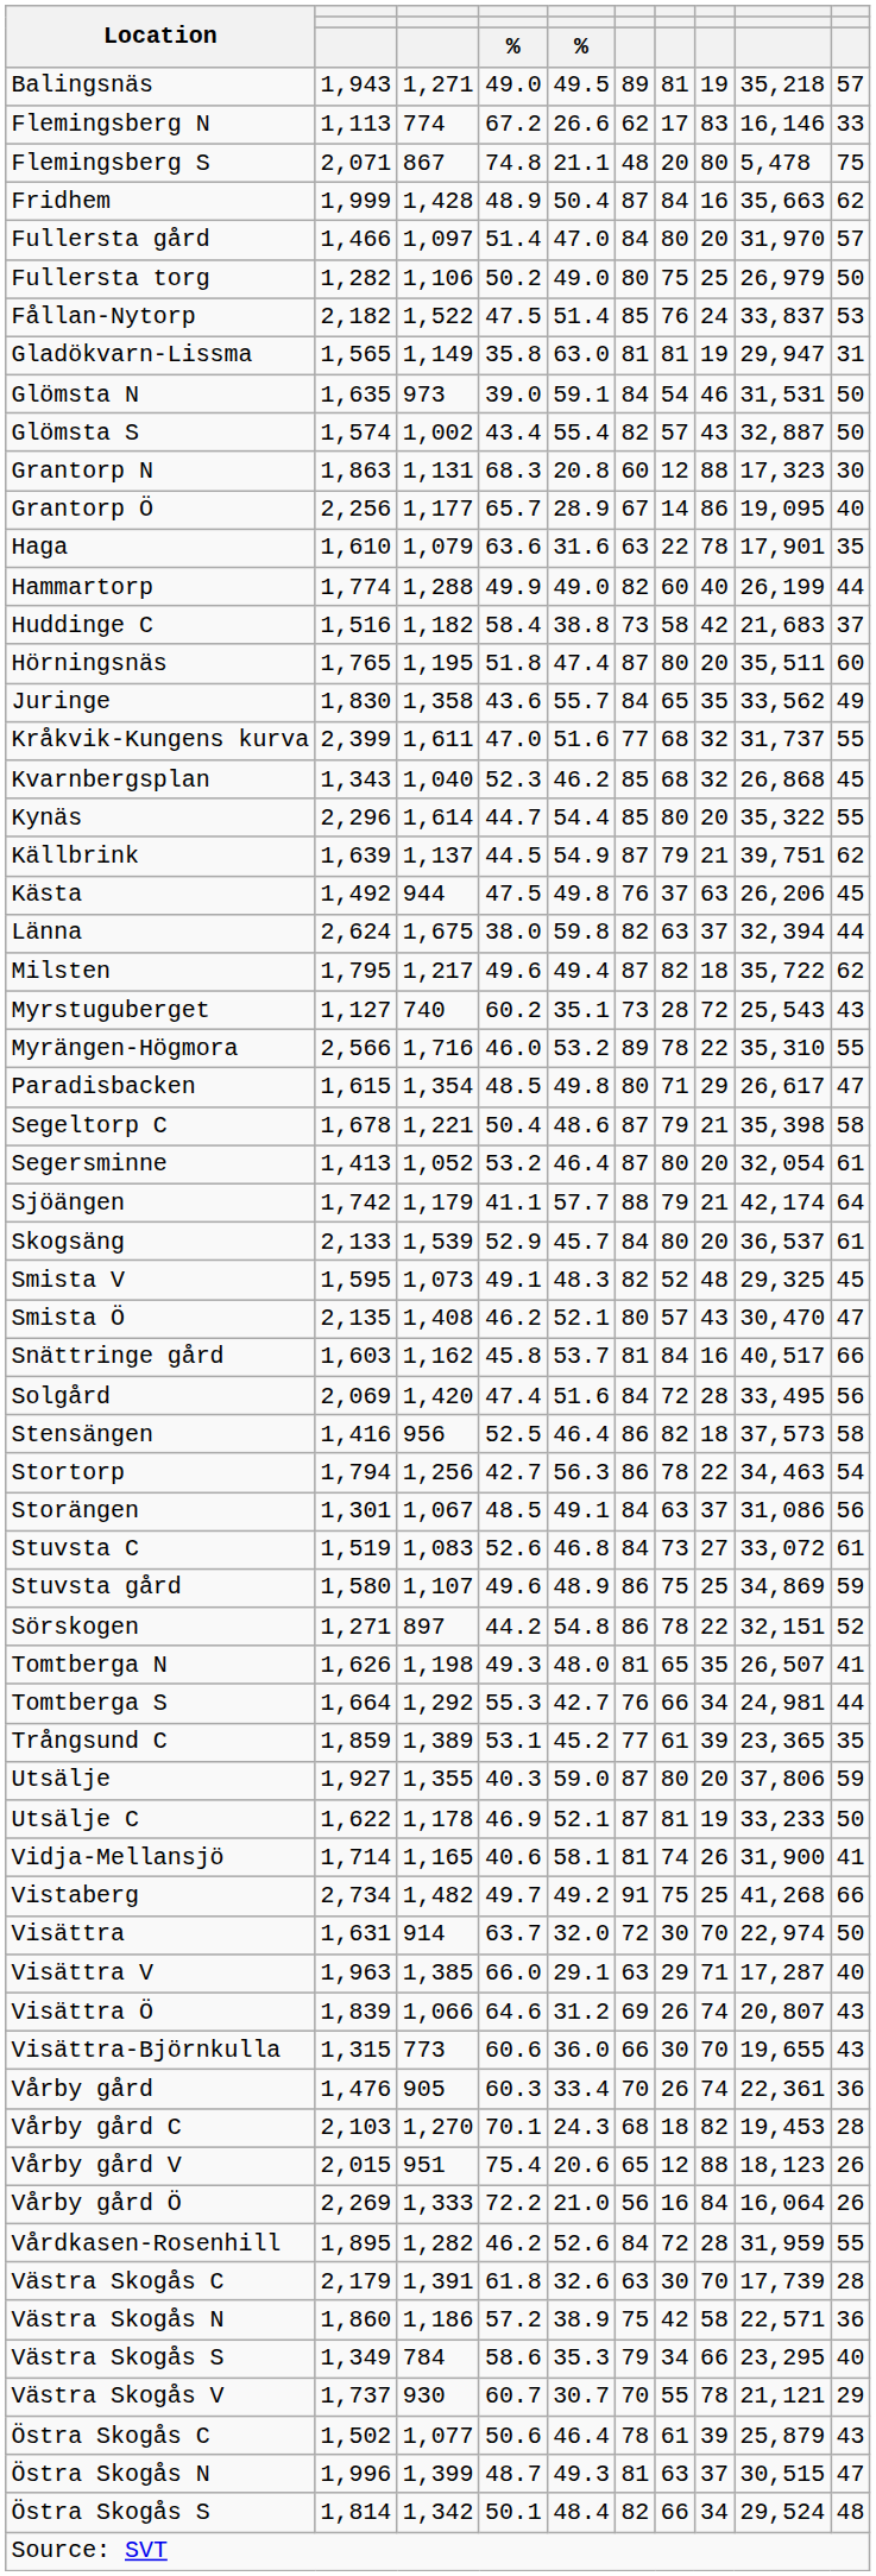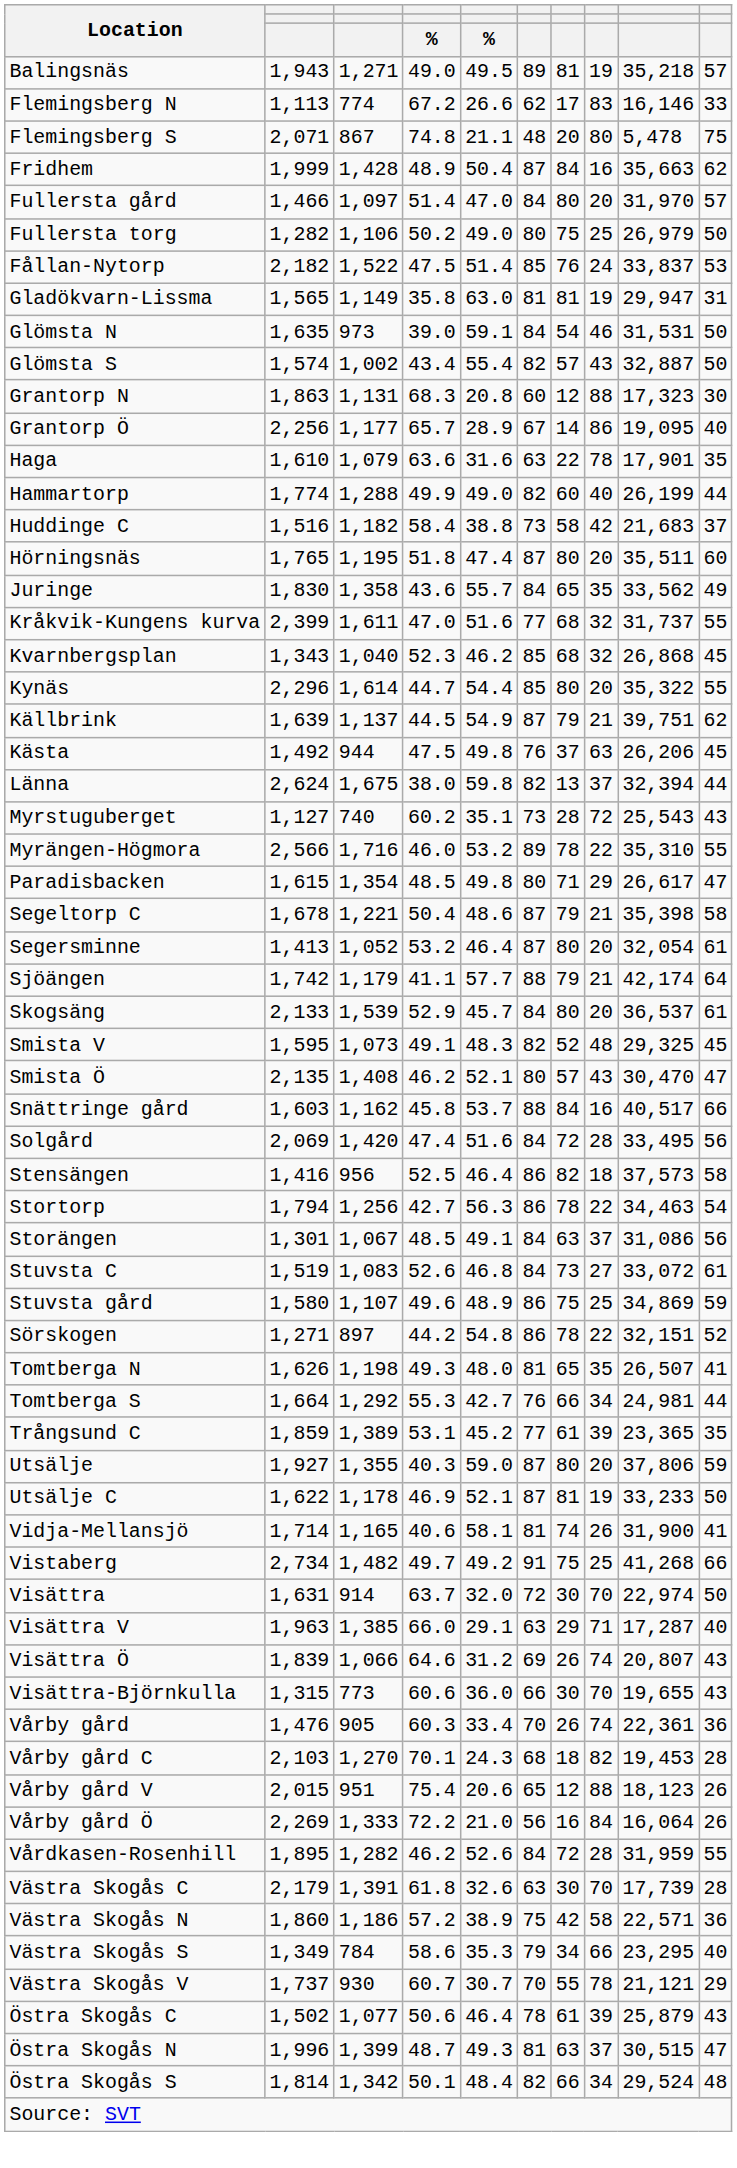 <table role="presentation" class="wikitable sortable mw-collapsible mw-collapsed">
 <tr>
 <th rowspan="3">Location</th>
 <th></th>
 <th></th>
 <th></th>
 <th></th>
 <th></th>
 <th></th>
 <th></th>
 <th></th>
 <th></th>
 </tr>
 <tr>
 <th></th>
 <th></th>
 <th style="background:"></th>
 <th style="background:"></th>
 <th></th>
 <th></th>
 <th></th>
 <th></th>
 <th></th>
 </tr>
 <tr>
 <th data-sort-type="number"></th>
 <th data-sort-type="number"></th>
 <th data-sort-type="number">%</th>
 <th data-sort-type="number">%</th>
 <th data-sort-type="number"></th>
 <th data-sort-type="number"></th>
 <th data-sort-type="number"></th>
 <th data-sort-type="number"></th>
 <th data-sort-type="number"></th>
 </tr>
 <tr>
 <td align="left">Balingsnäs</td>
 <td>1,943</td>
 <td>1,271</td>
 <td>49.0</td>
 <td>49.5</td>
 <td>89</td>
 <td>81</td>
 <td>19</td>
 <td>35,218</td>
 <td>57</td>
 </tr>
 <tr>
 <td align="left">Flemingsberg N</td>
 <td>1,113</td>
 <td>774</td>
 <td>67.2</td>
 <td>26.6</td>
 <td>62</td>
 <td>17</td>
 <td>83</td>
 <td>16,146</td>
 <td>33</td>
 </tr>
 <tr>
 <td align="left">Flemingsberg S</td>
 <td>2,071</td>
 <td>867</td>
 <td>74.8</td>
 <td>21.1</td>
 <td>48</td>
 <td>20</td>
 <td>80</td>
 <td>5,478</td>
 <td>75</td>
 </tr>
 <tr>
 <td align="left">Fridhem</td>
 <td>1,999</td>
 <td>1,428</td>
 <td>48.9</td>
 <td>50.4</td>
 <td>87</td>
 <td>84</td>
 <td>16</td>
 <td>35,663</td>
 <td>62</td>
 </tr>
 <tr>
 <td align="left">Fullersta gård</td>
 <td>1,466</td>
 <td>1,097</td>
 <td>51.4</td>
 <td>47.0</td>
 <td>84</td>
 <td>80</td>
 <td>20</td>
 <td>31,970</td>
 <td>57</td>
 </tr>
 <tr>
 <td align="left">Fullersta torg</td>
 <td>1,282</td>
 <td>1,106</td>
 <td>50.2</td>
 <td>49.0</td>
 <td>80</td>
 <td>75</td>
 <td>25</td>
 <td>26,979</td>
 <td>50</td>
 </tr>
 <tr>
 <td align="left">Fållan-Nytorp</td>
 <td>2,182</td>
 <td>1,522</td>
 <td>47.5</td>
 <td>51.4</td>
 <td>85</td>
 <td>76</td>
 <td>24</td>
 <td>33,837</td>
 <td>53</td>
 </tr>
 <tr>
 <td align="left">Gladökvarn-Lissma</td>
 <td>1,565</td>
 <td>1,149</td>
 <td>35.8</td>
 <td>63.0</td>
 <td>81</td>
 <td>81</td>
 <td>19</td>
 <td>29,947</td>
 <td>31</td>
 </tr>
 <tr>
 <td align="left">Glömsta N</td>
 <td>1,635</td>
 <td>973</td>
 <td>39.0</td>
 <td>59.1</td>
 <td>84</td>
 <td>54</td>
 <td>46</td>
 <td>31,531</td>
 <td>50</td>
 </tr>
 <tr>
 <td align="left">Glömsta S</td>
 <td>1,574</td>
 <td>1,002</td>
 <td>43.4</td>
 <td>55.4</td>
 <td>82</td>
 <td>57</td>
 <td>43</td>
 <td>32,887</td>
 <td>50</td>
 </tr>
 <tr>
 <td align="left">Grantorp N</td>
 <td>1,863</td>
 <td>1,131</td>
 <td>68.3</td>
 <td>20.8</td>
 <td>60</td>
 <td>12</td>
 <td>88</td>
 <td>17,323</td>
 <td>30</td>
 </tr>
 <tr>
 <td align="left">Grantorp Ö</td>
 <td>2,256</td>
 <td>1,177</td>
 <td>65.7</td>
 <td>28.9</td>
 <td>67</td>
 <td>14</td>
 <td>86</td>
 <td>19,095</td>
 <td>40</td>
 </tr>
 <tr>
 <td align="left">Haga</td>
 <td>1,610</td>
 <td>1,079</td>
 <td>63.6</td>
 <td>31.6</td>
 <td>63</td>
 <td>22</td>
 <td>78</td>
 <td>17,901</td>
 <td>35</td>
 </tr>
 <tr>
 <td align="left">Hammartorp</td>
 <td>1,774</td>
 <td>1,288</td>
 <td>49.9</td>
 <td>49.0</td>
 <td>82</td>
 <td>60</td>
 <td>40</td>
 <td>26,199</td>
 <td>44</td>
 </tr>
 <tr>
 <td align="left">Huddinge C</td>
 <td>1,516</td>
 <td>1,182</td>
 <td>58.4</td>
 <td>38.8</td>
 <td>73</td>
 <td>58</td>
 <td>42</td>
 <td>21,683</td>
 <td>37</td>
 </tr>
 <tr>
 <td align="left">Hörningsnäs</td>
 <td>1,765</td>
 <td>1,195</td>
 <td>51.8</td>
 <td>47.4</td>
 <td>87</td>
 <td>80</td>
 <td>20</td>
 <td>35,511</td>
 <td>60</td>
 </tr>
 <tr>
 <td align="left">Juringe</td>
 <td>1,830</td>
 <td>1,358</td>
 <td>43.6</td>
 <td>55.7</td>
 <td>84</td>
 <td>65</td>
 <td>35</td>
 <td>33,562</td>
 <td>49</td>
 </tr>
 <tr>
 <td align="left">Kråkvik-Kungens kurva</td>
 <td>2,399</td>
 <td>1,611</td>
 <td>47.0</td>
 <td>51.6</td>
 <td>77</td>
 <td>68</td>
 <td>32</td>
 <td>31,737</td>
 <td>55</td>
 </tr>
 <tr>
 <td align="left">Kvarnbergsplan</td>
 <td>1,343</td>
 <td>1,040</td>
 <td>52.3</td>
 <td>46.2</td>
 <td>85</td>
 <td>68</td>
 <td>32</td>
 <td>26,868</td>
 <td>45</td>
 </tr>
 <tr>
 <td align="left">Kynäs</td>
 <td>2,296</td>
 <td>1,614</td>
 <td>44.7</td>
 <td>54.4</td>
 <td>85</td>
 <td>80</td>
 <td>20</td>
 <td>35,322</td>
 <td>55</td>
 </tr>
 <tr>
 <td align="left">Källbrink</td>
 <td>1,639</td>
 <td>1,137</td>
 <td>44.5</td>
 <td>54.9</td>
 <td>87</td>
 <td>79</td>
 <td>21</td>
 <td>39,751</td>
 <td>62</td>
 </tr>
 <tr>
 <td align="left">Kästa</td>
 <td>1,492</td>
 <td>944</td>
 <td>47.5</td>
 <td>49.8</td>
 <td>76</td>
 <td>37</td>
 <td>63</td>
 <td>26,206</td>
 <td>45</td>
 </tr>
 <tr>
 <td align="left">Länna</td>
 <td>2,624</td>
 <td>1,675</td>
 <td>38.0</td>
 <td>59.8</td>
 <td>82</td>
-<td>63</td>
+<td>13</td>
 <td>37</td>
 <td>32,394</td>
 <td>44</td>
-</tr>
-<tr>
-<td align="left">Milsten</td>
-<td>1,795</td>
-<td>1,217</td>
-<td>49.6</td>
-<td>49.4</td>
-<td>87</td>
-<td>82</td>
-<td>18</td>
-<td>35,722</td>
-<td>62</td>
 </tr>
 <tr>
 <td align="left">Myrstuguberget</td>
 <td>1,127</td>
 <td>740</td>
 <td>60.2</td>
 <td>35.1</td>
 <td>73</td>
 <td>28</td>
 <td>72</td>
 <td>25,543</td>
 <td>43</td>
 </tr>
 <tr>
 <td align="left">Myrängen-Högmora</td>
 <td>2,566</td>
 <td>1,716</td>
 <td>46.0</td>
 <td>53.2</td>
 <td>89</td>
 <td>78</td>
 <td>22</td>
 <td>35,310</td>
 <td>55</td>
 </tr>
 <tr>
 <td align="left">Paradisbacken</td>
 <td>1,615</td>
 <td>1,354</td>
 <td>48.5</td>
 <td>49.8</td>
 <td>80</td>
 <td>71</td>
 <td>29</td>
 <td>26,617</td>
 <td>47</td>
 </tr>
 <tr>
 <td align="left">Segeltorp C</td>
 <td>1,678</td>
 <td>1,221</td>
 <td>50.4</td>
 <td>48.6</td>
 <td>87</td>
 <td>79</td>
 <td>21</td>
 <td>35,398</td>
 <td>58</td>
 </tr>
 <tr>
 <td align="left">Segersminne</td>
 <td>1,413</td>
 <td>1,052</td>
 <td>53.2</td>
 <td>46.4</td>
 <td>87</td>
 <td>80</td>
 <td>20</td>
 <td>32,054</td>
 <td>61</td>
 </tr>
 <tr>
 <td align="left">Sjöängen</td>
 <td>1,742</td>
 <td>1,179</td>
 <td>41.1</td>
 <td>57.7</td>
 <td>88</td>
 <td>79</td>
 <td>21</td>
 <td>42,174</td>
 <td>64</td>
 </tr>
 <tr>
 <td align="left">Skogsäng</td>
 <td>2,133</td>
 <td>1,539</td>
 <td>52.9</td>
 <td>45.7</td>
 <td>84</td>
 <td>80</td>
 <td>20</td>
 <td>36,537</td>
 <td>61</td>
 </tr>
 <tr>
 <td align="left">Smista V</td>
 <td>1,595</td>
 <td>1,073</td>
 <td>49.1</td>
 <td>48.3</td>
 <td>82</td>
 <td>52</td>
 <td>48</td>
 <td>29,325</td>
 <td>45</td>
 </tr>
 <tr>
 <td align="left">Smista Ö</td>
 <td>2,135</td>
 <td>1,408</td>
 <td>46.2</td>
 <td>52.1</td>
 <td>80</td>
 <td>57</td>
 <td>43</td>
 <td>30,470</td>
 <td>47</td>
 </tr>
 <tr>
 <td align="left">Snättringe gård</td>
 <td>1,603</td>
 <td>1,162</td>
 <td>45.8</td>
 <td>53.7</td>
-<td>81</td>
+<td>88</td>
 <td>84</td>
 <td>16</td>
 <td>40,517</td>
 <td>66</td>
 </tr>
 <tr>
 <td align="left">Solgård</td>
 <td>2,069</td>
 <td>1,420</td>
 <td>47.4</td>
 <td>51.6</td>
 <td>84</td>
 <td>72</td>
 <td>28</td>
 <td>33,495</td>
 <td>56</td>
 </tr>
 <tr>
 <td align="left">Stensängen</td>
 <td>1,416</td>
 <td>956</td>
 <td>52.5</td>
 <td>46.4</td>
 <td>86</td>
 <td>82</td>
 <td>18</td>
 <td>37,573</td>
 <td>58</td>
 </tr>
 <tr>
 <td align="left">Stortorp</td>
 <td>1,794</td>
 <td>1,256</td>
 <td>42.7</td>
 <td>56.3</td>
 <td>86</td>
 <td>78</td>
 <td>22</td>
 <td>34,463</td>
 <td>54</td>
 </tr>
 <tr>
 <td align="left">Storängen</td>
 <td>1,301</td>
 <td>1,067</td>
 <td>48.5</td>
 <td>49.1</td>
 <td>84</td>
 <td>63</td>
 <td>37</td>
 <td>31,086</td>
 <td>56</td>
 </tr>
 <tr>
 <td align="left">Stuvsta C</td>
 <td>1,519</td>
 <td>1,083</td>
 <td>52.6</td>
 <td>46.8</td>
 <td>84</td>
 <td>73</td>
 <td>27</td>
 <td>33,072</td>
 <td>61</td>
 </tr>
 <tr>
 <td align="left">Stuvsta gård</td>
 <td>1,580</td>
 <td>1,107</td>
 <td>49.6</td>
 <td>48.9</td>
 <td>86</td>
 <td>75</td>
 <td>25</td>
 <td>34,869</td>
 <td>59</td>
 </tr>
 <tr>
 <td align="left">Sörskogen</td>
 <td>1,271</td>
 <td>897</td>
 <td>44.2</td>
 <td>54.8</td>
 <td>86</td>
 <td>78</td>
 <td>22</td>
 <td>32,151</td>
 <td>52</td>
 </tr>
 <tr>
 <td align="left">Tomtberga N</td>
 <td>1,626</td>
 <td>1,198</td>
 <td>49.3</td>
 <td>48.0</td>
 <td>81</td>
 <td>65</td>
 <td>35</td>
 <td>26,507</td>
 <td>41</td>
 </tr>
 <tr>
 <td align="left">Tomtberga S</td>
 <td>1,664</td>
 <td>1,292</td>
 <td>55.3</td>
 <td>42.7</td>
 <td>76</td>
 <td>66</td>
 <td>34</td>
 <td>24,981</td>
 <td>44</td>
 </tr>
 <tr>
 <td align="left">Trångsund C</td>
 <td>1,859</td>
 <td>1,389</td>
 <td>53.1</td>
 <td>45.2</td>
 <td>77</td>
 <td>61</td>
 <td>39</td>
 <td>23,365</td>
 <td>35</td>
 </tr>
 <tr>
 <td align="left">Utsälje</td>
 <td>1,927</td>
 <td>1,355</td>
 <td>40.3</td>
 <td>59.0</td>
 <td>87</td>
 <td>80</td>
 <td>20</td>
 <td>37,806</td>
 <td>59</td>
 </tr>
 <tr>
 <td align="left">Utsälje C</td>
 <td>1,622</td>
 <td>1,178</td>
 <td>46.9</td>
 <td>52.1</td>
 <td>87</td>
 <td>81</td>
 <td>19</td>
 <td>33,233</td>
 <td>50</td>
 </tr>
 <tr>
 <td align="left">Vidja-Mellansjö</td>
 <td>1,714</td>
 <td>1,165</td>
 <td>40.6</td>
 <td>58.1</td>
 <td>81</td>
 <td>74</td>
 <td>26</td>
 <td>31,900</td>
 <td>41</td>
 </tr>
 <tr>
 <td align="left">Vistaberg</td>
 <td>2,734</td>
 <td>1,482</td>
 <td>49.7</td>
 <td>49.2</td>
 <td>91</td>
 <td>75</td>
 <td>25</td>
 <td>41,268</td>
 <td>66</td>
 </tr>
 <tr>
 <td align="left">Visättra</td>
 <td>1,631</td>
 <td>914</td>
 <td>63.7</td>
 <td>32.0</td>
 <td>72</td>
 <td>30</td>
 <td>70</td>
 <td>22,974</td>
 <td>50</td>
 </tr>
 <tr>
 <td align="left">Visättra V</td>
 <td>1,963</td>
 <td>1,385</td>
 <td>66.0</td>
 <td>29.1</td>
 <td>63</td>
 <td>29</td>
 <td>71</td>
 <td>17,287</td>
 <td>40</td>
 </tr>
 <tr>
 <td align="left">Visättra Ö</td>
 <td>1,839</td>
 <td>1,066</td>
 <td>64.6</td>
 <td>31.2</td>
 <td>69</td>
 <td>26</td>
 <td>74</td>
 <td>20,807</td>
 <td>43</td>
 </tr>
 <tr>
 <td align="left">Visättra-Björnkulla</td>
 <td>1,315</td>
 <td>773</td>
 <td>60.6</td>
 <td>36.0</td>
 <td>66</td>
 <td>30</td>
 <td>70</td>
 <td>19,655</td>
 <td>43</td>
 </tr>
 <tr>
 <td align="left">Vårby gård</td>
 <td>1,476</td>
 <td>905</td>
 <td>60.3</td>
 <td>33.4</td>
 <td>70</td>
 <td>26</td>
 <td>74</td>
 <td>22,361</td>
 <td>36</td>
 </tr>
 <tr>
 <td align="left">Vårby gård C</td>
 <td>2,103</td>
 <td>1,270</td>
 <td>70.1</td>
 <td>24.3</td>
 <td>68</td>
 <td>18</td>
 <td>82</td>
 <td>19,453</td>
 <td>28</td>
 </tr>
 <tr>
 <td align="left">Vårby gård V</td>
 <td>2,015</td>
 <td>951</td>
 <td>75.4</td>
 <td>20.6</td>
 <td>65</td>
 <td>12</td>
 <td>88</td>
 <td>18,123</td>
 <td>26</td>
 </tr>
 <tr>
 <td align="left">Vårby gård Ö</td>
 <td>2,269</td>
 <td>1,333</td>
 <td>72.2</td>
 <td>21.0</td>
 <td>56</td>
 <td>16</td>
 <td>84</td>
 <td>16,064</td>
 <td>26</td>
 </tr>
 <tr>
 <td align="left">Vårdkasen-Rosenhill</td>
 <td>1,895</td>
 <td>1,282</td>
 <td>46.2</td>
 <td>52.6</td>
 <td>84</td>
 <td>72</td>
 <td>28</td>
 <td>31,959</td>
 <td>55</td>
 </tr>
 <tr>
 <td align="left">Västra Skogås C</td>
 <td>2,179</td>
 <td>1,391</td>
 <td>61.8</td>
 <td>32.6</td>
 <td>63</td>
 <td>30</td>
 <td>70</td>
 <td>17,739</td>
 <td>28</td>
 </tr>
 <tr>
 <td align="left">Västra Skogås N</td>
 <td>1,860</td>
 <td>1,186</td>
 <td>57.2</td>
 <td>38.9</td>
 <td>75</td>
 <td>42</td>
 <td>58</td>
 <td>22,571</td>
 <td>36</td>
 </tr>
 <tr>
 <td align="left">Västra Skogås S</td>
 <td>1,349</td>
 <td>784</td>
 <td>58.6</td>
 <td>35.3</td>
 <td>79</td>
 <td>34</td>
 <td>66</td>
 <td>23,295</td>
 <td>40</td>
 </tr>
 <tr>
 <td align="left">Västra Skogås V</td>
 <td>1,737</td>
 <td>930</td>
 <td>60.7</td>
 <td>30.7</td>
 <td>70</td>
 <td>55</td>
 <td>78</td>
 <td>21,121</td>
 <td>29</td>
 </tr>
 <tr>
 <td align="left">Östra Skogås C</td>
 <td>1,502</td>
 <td>1,077</td>
 <td>50.6</td>
 <td>46.4</td>
 <td>78</td>
 <td>61</td>
 <td>39</td>
 <td>25,879</td>
 <td>43</td>
 </tr>
 <tr>
 <td align="left">Östra Skogås N</td>
 <td>1,996</td>
 <td>1,399</td>
 <td>48.7</td>
 <td>49.3</td>
 <td>81</td>
 <td>63</td>
 <td>37</td>
 <td>30,515</td>
 <td>47</td>
 </tr>
 <tr>
 <td align="left">Östra Skogås S</td>
 <td>1,814</td>
 <td>1,342</td>
 <td>50.1</td>
 <td>48.4</td>
 <td>82</td>
 <td>66</td>
 <td>34</td>
 <td>29,524</td>
 <td>48</td>
 </tr>
 <tr>
 <td colspan="10" align="left">Source: <a href='#'>SVT</a></td>
 </tr>
 </table>
